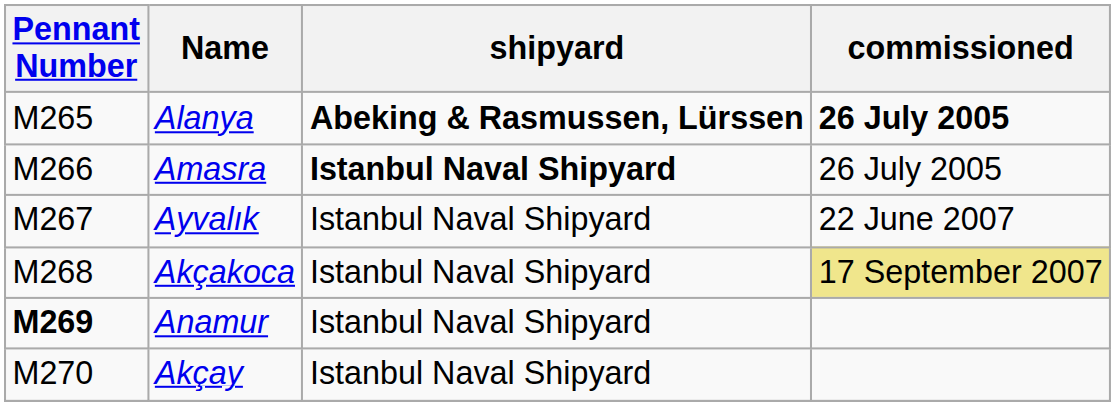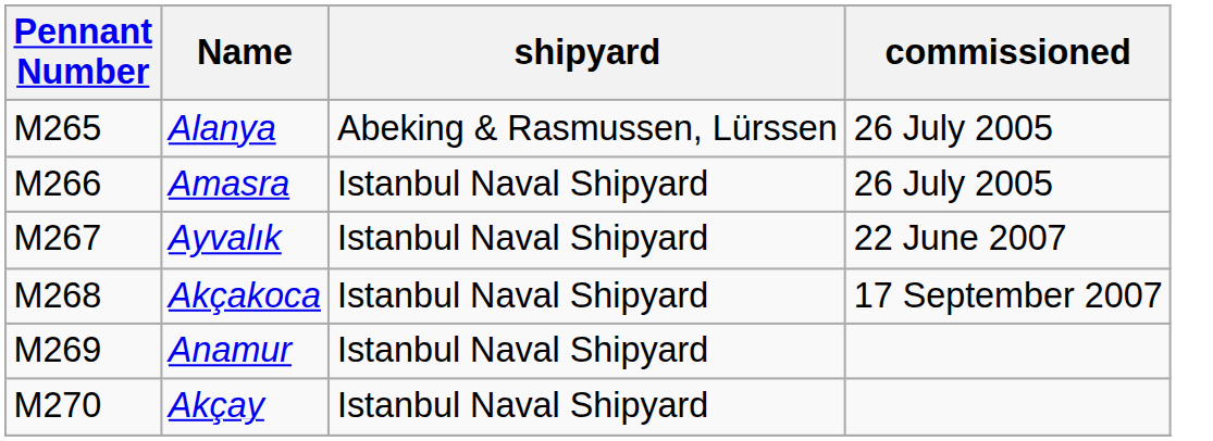 <table class="wikitable">
 <tr>
 <th><a href='#'>Pennant<br>Number</a></th>
 <th>Name</th>
 <th>shipyard</th>
 <th>commissioned</th>
 </tr>
 <tr>
 <td>M265</td>
 <td><a href='#'><em>Alanya</em></a></td>
-<td><strong>Abeking & Rasmussen, Lürssen</strong></td>
-<td><strong>26 July 2005</strong></td>
+<td>Abeking & Rasmussen, Lürssen</td>
+<td>26 July 2005</td>
 </tr>
 <tr>
 <td>M266</td>
 <td><a href='#'><em>Amasra</em></a></td>
-<td><strong>Istanbul Naval Shipyard</strong></td>
+<td>Istanbul Naval Shipyard</td>
 <td>26 July 2005</td>
 </tr>
 <tr>
 <td>M267</td>
 <td><a href='#'><em>Ayvalık</em></a></td>
 <td>Istanbul Naval Shipyard</td>
 <td>22 June 2007</td>
 </tr>
 <tr>
 <td>M268</td>
 <td><a href='#'><em>Akçakoca</em></a></td>
 <td>Istanbul Naval Shipyard</td>
-<td style="background: khaki;">17 September 2007</td>
+<td>17 September 2007</td>
 </tr>
 <tr>
-<td><strong>M269</strong></td>
+<td>M269</td>
 <td><a href='#'><em>Anamur</em></a></td>
 <td>Istanbul Naval Shipyard</td>
 <td></td>
 </tr>
 <tr>
 <td>M270</td>
 <td><a href='#'><em>Akçay</em></a></td>
 <td>Istanbul Naval Shipyard</td>
 <td></td>
 </tr>
 <tr>
 </tr>
 </table>
